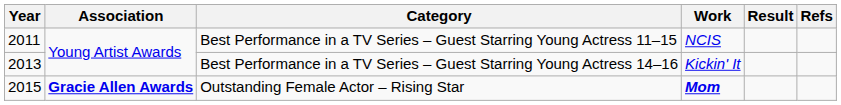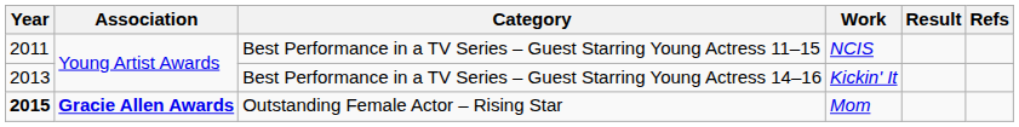 <table class="wikitable">
 <tr>
 <th>Year</th>
 <th>Association</th>
 <th>Category</th>
 <th>Work</th>
 <th>Result</th>
 <th>Refs</th>
 </tr>
 <tr>
 <td>2011</td>
 <td rowspan="2"><a href='#'>Young Artist Awards</a></td>
 <td>Best Performance in a TV Series – Guest Starring Young Actress 11–15</td>
 <td><em><a href='#'>NCIS</a></em></td>
 <td></td>
 <td></td>
 </tr>
 <tr>
 <td>2013</td>
 <td>Best Performance in a TV Series – Guest Starring Young Actress 14–16</td>
 <td><em><a href='#'>Kickin' It</a></em></td>
 <td></td>
 <td></td>
 </tr>
 <tr>
-<td>2015</td>
+<td><strong>2015</strong></td>
 <td><strong><a href='#'>Gracie Allen Awards</a></strong></td>
 <td>Outstanding Female Actor – Rising Star</td>
-<td><strong><em><a href='#'>Mom</a></em></strong></td>
+<td><em><a href='#'>Mom</a></em></td>
 <td></td>
 <td></td>
 </tr>
 </table>
